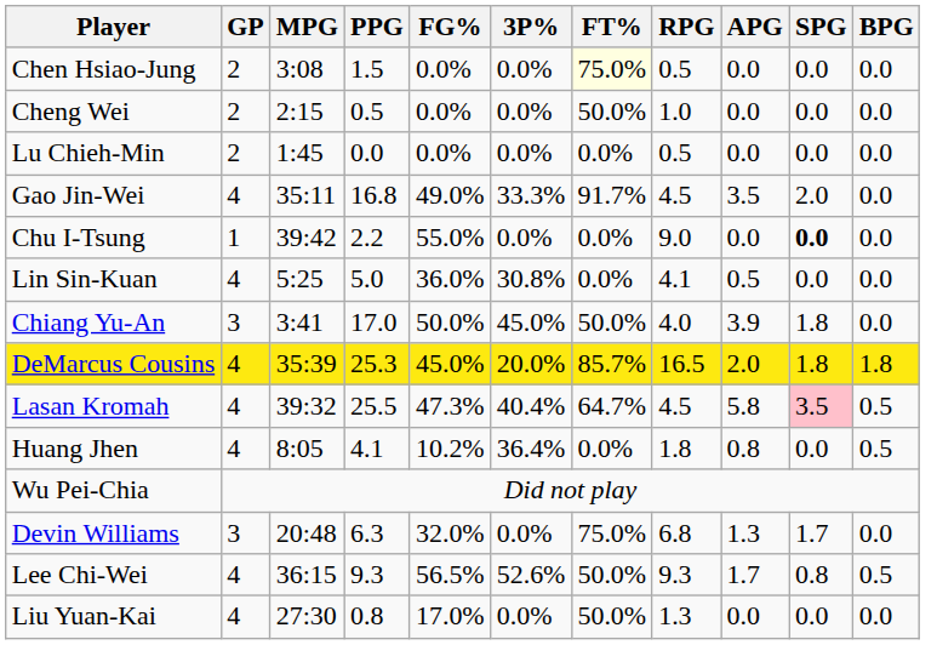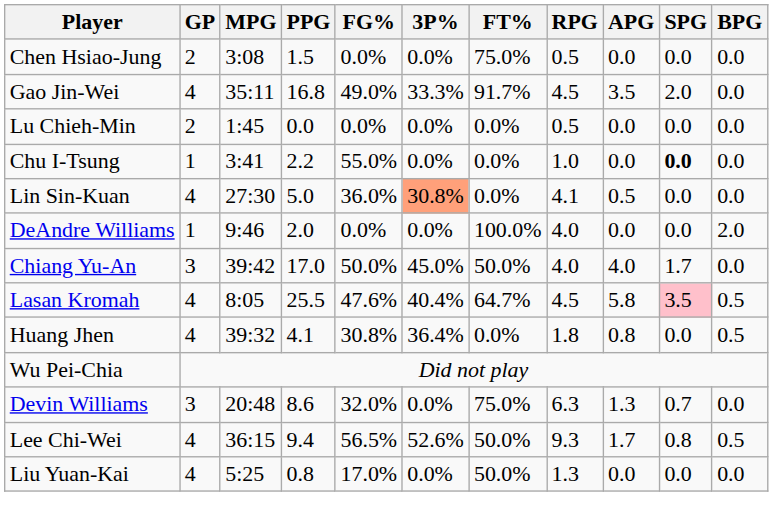 <table class="wikitable">
 <tr>
 <th>Player</th>
 <th>GP</th>
 <th>MPG</th>
 <th>PPG</th>
 <th>FG%</th>
 <th>3P%</th>
 <th>FT%</th>
 <th>RPG</th>
 <th>APG</th>
 <th>SPG</th>
 <th>BPG</th>
 </tr>
 <tr>
 <td>Chen Hsiao-Jung</td>
 <td>2</td>
 <td>3:08</td>
 <td>1.5</td>
 <td>0.0%</td>
 <td>0.0%</td>
-<td style="background: lightyellow;">75.0%</td>
-<td>0.5</td>
-<td>0.0</td>
-<td>0.0</td>
-<td>0.0</td>
-</tr>
-<tr>
-<td>Cheng Wei</td>
-<td>2</td>
-<td>2:15</td>
-<td>0.5</td>
-<td>0.0%</td>
-<td>0.0%</td>
-<td>50.0%</td>
-<td>1.0</td>
-<td>0.0</td>
-<td>0.0</td>
-<td>0.0</td>
-</tr>
-<tr>
-<td>Lu Chieh-Min</td>
-<td>2</td>
-<td>1:45</td>
-<td>0.0</td>
-<td>0.0%</td>
-<td>0.0%</td>
-<td>0.0%</td>
+<td>75.0%</td>
 <td>0.5</td>
 <td>0.0</td>
 <td>0.0</td>
 <td>0.0</td>
 </tr>
 <tr>
 <td>Gao Jin-Wei</td>
 <td>4</td>
 <td>35:11</td>
 <td>16.8</td>
 <td>49.0%</td>
 <td>33.3%</td>
 <td>91.7%</td>
 <td>4.5</td>
 <td>3.5</td>
 <td>2.0</td>
 <td>0.0</td>
 </tr>
 <tr>
+<td>Lu Chieh-Min</td>
+<td>2</td>
+<td>1:45</td>
+<td>0.0</td>
+<td>0.0%</td>
+<td>0.0%</td>
+<td>0.0%</td>
+<td>0.5</td>
+<td>0.0</td>
+<td>0.0</td>
+<td>0.0</td>
+</tr>
+<tr>
 <td>Chu I-Tsung</td>
 <td>1</td>
-<td>39:42</td>
+<td>3:41</td>
 <td>2.2</td>
 <td>55.0%</td>
 <td>0.0%</td>
 <td>0.0%</td>
-<td>9.0</td>
+<td>1.0</td>
 <td>0.0</td>
 <td><strong>0.0</strong></td>
 <td>0.0</td>
 </tr>
 <tr>
 <td>Lin Sin-Kuan</td>
 <td>4</td>
-<td>5:25</td>
+<td>27:30</td>
 <td>5.0</td>
 <td>36.0%</td>
-<td>30.8%</td>
+<td style="background: lightsalmon;">30.8%</td>
 <td>0.0%</td>
 <td>4.1</td>
 <td>0.5</td>
 <td>0.0</td>
 <td>0.0</td>
 </tr>
 <tr>
+<td><a href='#'>DeAndre Williams</a></td>
+<td>1</td>
+<td>9:46</td>
+<td>2.0</td>
+<td>0.0%</td>
+<td>0.0%</td>
+<td>100.0%</td>
+<td>4.0</td>
+<td>0.0</td>
+<td>0.0</td>
+<td>2.0</td>
+</tr>
+<tr>
 <td><a href='#'>Chiang Yu-An</a></td>
 <td>3</td>
-<td>3:41</td>
+<td>39:42</td>
 <td>17.0</td>
 <td>50.0%</td>
 <td>45.0%</td>
 <td>50.0%</td>
 <td>4.0</td>
-<td>3.9</td>
-<td>1.8</td>
+<td>4.0</td>
+<td>1.7</td>
 <td>0.0</td>
-</tr>
-<tr style="background:#FDE910;">
-<td><a href='#'>DeMarcus Cousins</a></td>
-<td>4</td>
-<td>35:39</td>
-<td>25.3</td>
-<td>45.0%</td>
-<td>20.0%</td>
-<td>85.7%</td>
-<td>16.5</td>
-<td>2.0</td>
-<td>1.8</td>
-<td>1.8</td>
 </tr>
 <tr>
 <td><a href='#'>Lasan Kromah</a></td>
 <td>4</td>
-<td>39:32</td>
+<td>8:05</td>
 <td>25.5</td>
-<td>47.3%</td>
+<td>47.6%</td>
 <td>40.4%</td>
 <td>64.7%</td>
 <td>4.5</td>
 <td>5.8</td>
 <td style="background: pink;">3.5</td>
 <td>0.5</td>
 </tr>
 <tr>
 <td>Huang Jhen</td>
 <td>4</td>
-<td>8:05</td>
+<td>39:32</td>
 <td>4.1</td>
-<td>10.2%</td>
+<td>30.8%</td>
 <td>36.4%</td>
 <td>0.0%</td>
 <td>1.8</td>
 <td>0.8</td>
 <td>0.0</td>
 <td>0.5</td>
 </tr>
 <tr>
 <td>Wu Pei-Chia</td>
 <td colspan=10 align=center><em>Did not play</em></td>
 </tr>
 <tr>
 <td><a href='#'>Devin Williams</a></td>
 <td>3</td>
 <td>20:48</td>
-<td>6.3</td>
+<td>8.6</td>
 <td>32.0%</td>
 <td>0.0%</td>
 <td>75.0%</td>
-<td>6.8</td>
+<td>6.3</td>
 <td>1.3</td>
-<td>1.7</td>
+<td>0.7</td>
 <td>0.0</td>
 </tr>
 <tr>
 <td>Lee Chi-Wei</td>
 <td>4</td>
 <td>36:15</td>
-<td>9.3</td>
+<td>9.4</td>
 <td>56.5%</td>
 <td>52.6%</td>
 <td>50.0%</td>
 <td>9.3</td>
 <td>1.7</td>
 <td>0.8</td>
 <td>0.5</td>
 </tr>
 <tr>
 <td>Liu Yuan-Kai</td>
 <td>4</td>
-<td>27:30</td>
+<td>5:25</td>
 <td>0.8</td>
 <td>17.0%</td>
 <td>0.0%</td>
 <td>50.0%</td>
 <td>1.3</td>
 <td>0.0</td>
 <td>0.0</td>
 <td>0.0</td>
 </tr>
 </table>
